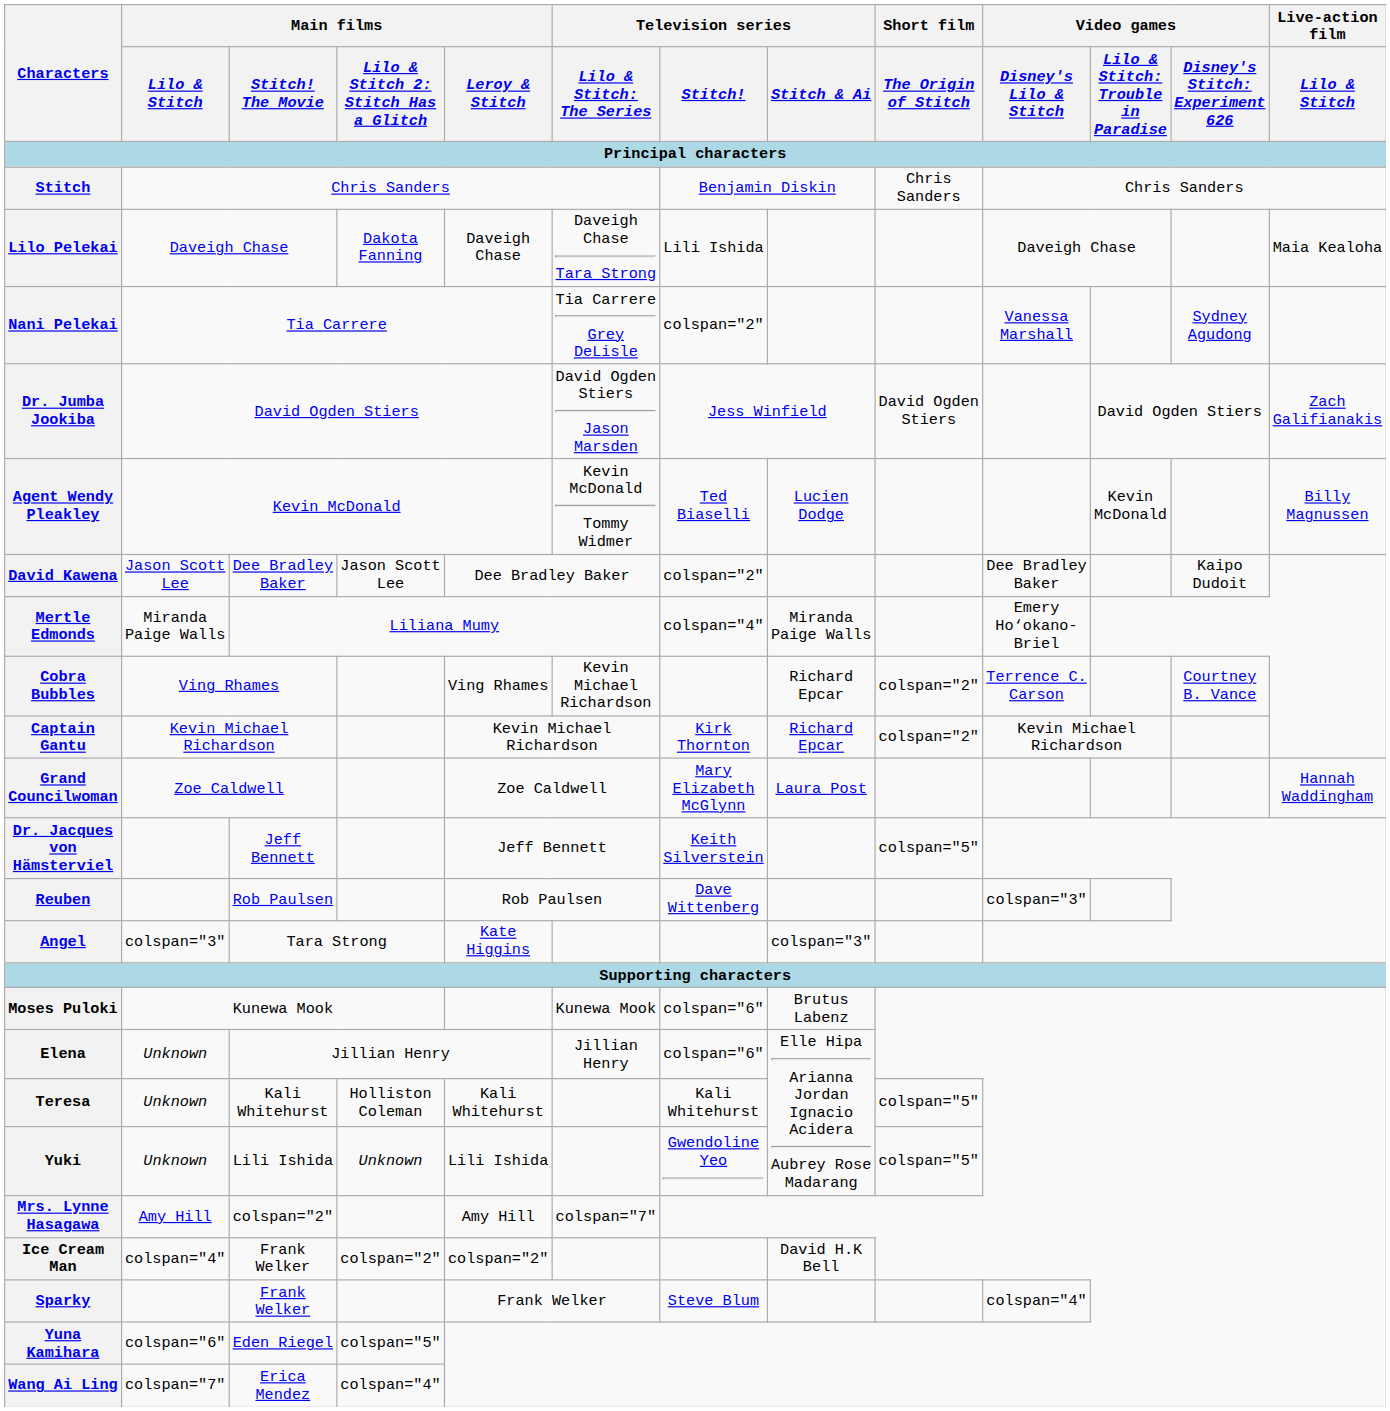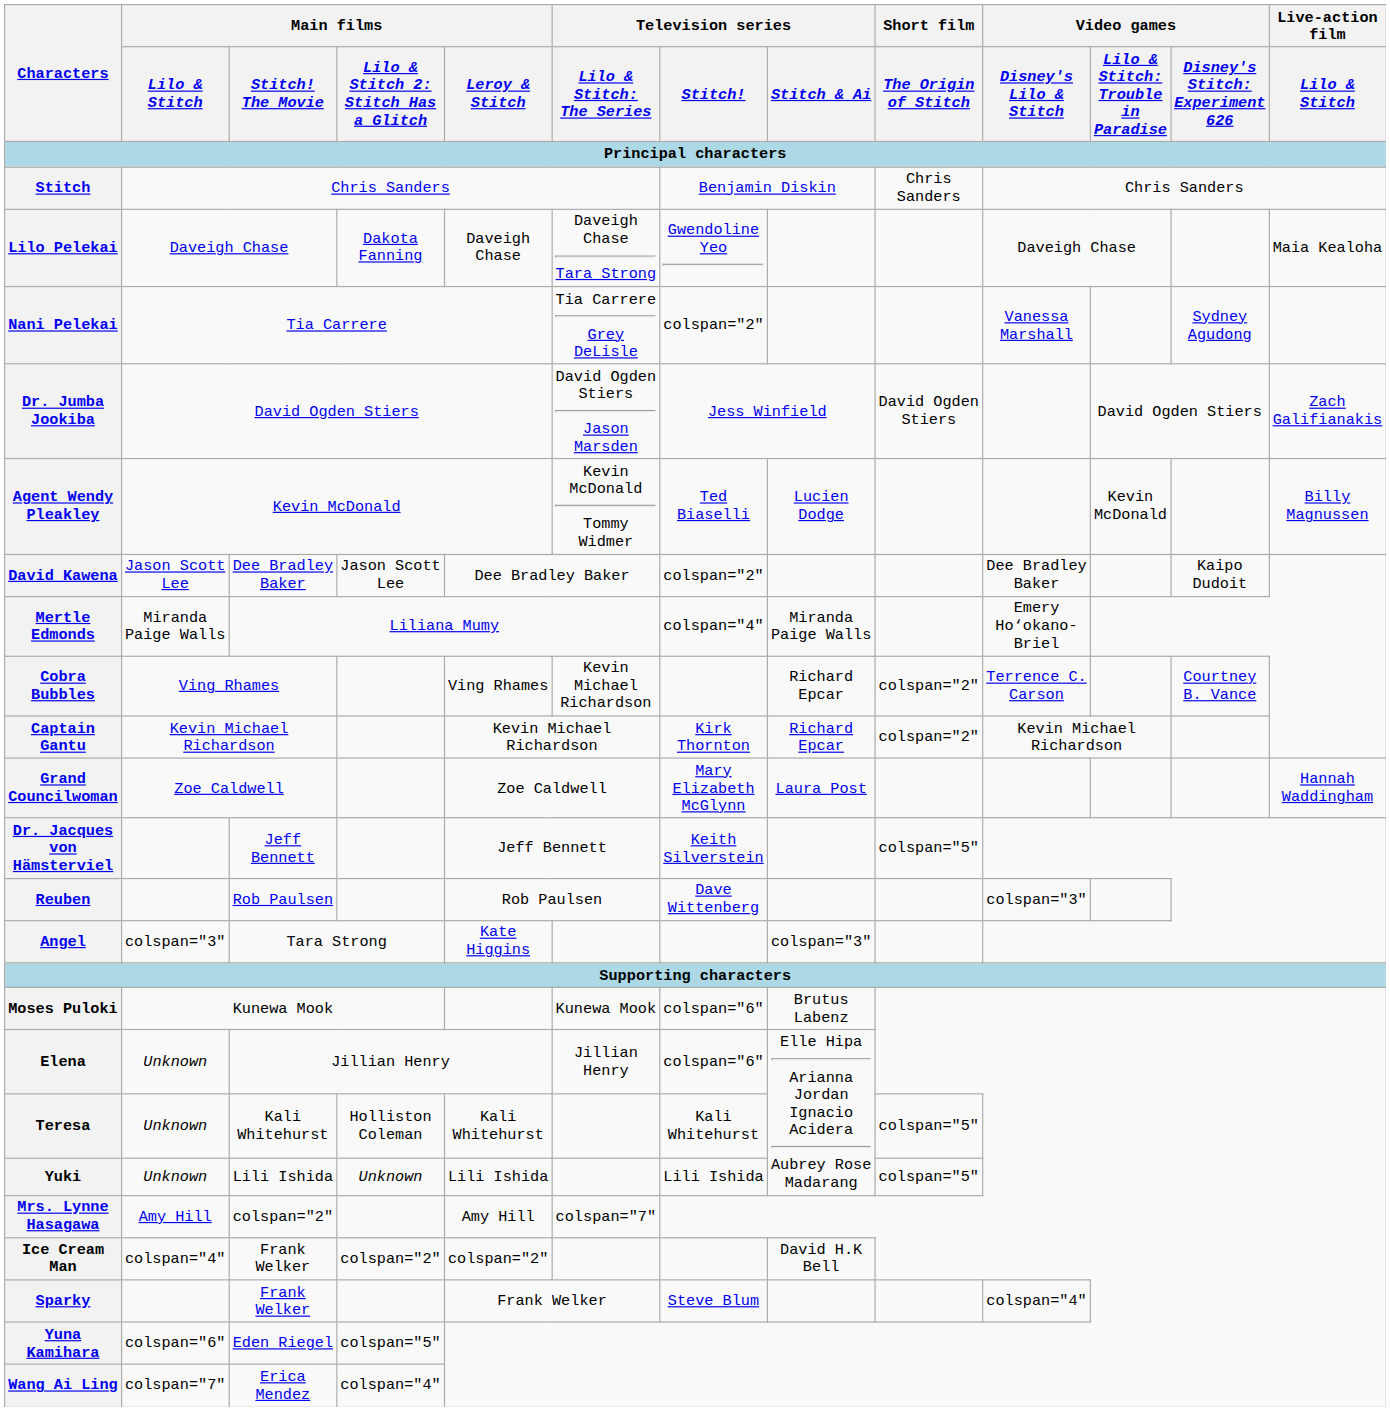 <table class="wikitable" style="text-align:center; width:100%">
 <tr>
 <th rowspan="2" style="width:13%;"><a href='#'>Characters</a></th>
 <th colspan="4">Main films</th>
 <th colspan="3">Television series</th>
 <th>Short film</th>
 <th colspan="3">Video games</th>
 <th>Live-action film</th>
 </tr>
 <tr>
 <th><em><a href='#'>Lilo & Stitch</a></em></th>
 <th><em><a href='#'>Stitch!<br>The Movie</a></em></th>
 <th><em><a href='#'>Lilo & Stitch 2: Stitch Has a Glitch</a></em></th>
 <th><em><a href='#'>Leroy & Stitch</a></em></th>
 <th><em><a href='#'>Lilo & Stitch:<br>The Series</a></em></th>
 <th><em><a href='#'>Stitch!</a></em></th>
 <th><em><a href='#'>Stitch & Ai</a></em></th>
 <th><em><a href='#'>The Origin of Stitch</a></em></th>
 <th><em><a href='#'>Disney's Lilo & Stitch</a></em></th>
 <th><em><a href='#'>Lilo & Stitch: Trouble in Paradise</a></em></th>
 <th><em><a href='#'>Disney's Stitch: Experiment 626</a></em></th>
 <th><em><a href='#'>Lilo & Stitch</a></em></th>
 </tr>
 <tr>
 <th colspan="13" style="background-color:lightblue;">Principal characters</th>
 </tr>
 <tr>
 <th><a href='#'>Stitch<br></a></th>
 <td colspan="5"><a href='#'>Chris Sanders</a></td>
 <td colspan="2"><a href='#'>Benjamin Diskin</a></td>
 <td>Chris Sanders</td>
 <td colspan="4">Chris Sanders</td>
 </tr>
 <tr>
 <th><a href='#'>Lilo Pelekai</a></th>
 <td colspan="2"><a href='#'>Daveigh Chase</a></td>
 <td><a href='#'>Dakota Fanning</a></td>
 <td>Daveigh Chase</td>
 <td>Daveigh Chase<hr><a href='#'>Tara Strong</a></td>
-<td>Lili Ishida</td>
+<td><a href='#'>Gwendoline Yeo</a><hr></td>
 <td></td>
 <td></td>
 <td colspan="2">Daveigh Chase</td>
 <td></td>
 <td>Maia Kealoha</td>
 </tr>
 <tr>
 <th><a href='#'>Nani Pelekai</a></th>
 <td colspan="4"><a href='#'>Tia Carrere</a></td>
 <td>Tia Carrere<hr><a href='#'>Grey DeLisle</a></td>
 <td>colspan="2" </td>
 <td></td>
 <td></td>
 <td><a href='#'>Vanessa Marshall</a></td>
 <td></td>
 <td><a href='#'>Sydney Agudong</a></td>
 </tr>
 <tr>
 <th><a href='#'>Dr. Jumba Jookiba</a></th>
 <td colspan="4"><a href='#'>David Ogden Stiers</a></td>
 <td>David Ogden Stiers<hr><a href='#'>Jason Marsden</a></td>
 <td colspan="2"><a href='#'>Jess Winfield</a></td>
 <td>David Ogden Stiers</td>
 <td></td>
 <td colspan="2">David Ogden Stiers</td>
 <td><a href='#'>Zach Galifianakis</a></td>
 </tr>
 <tr>
 <th><a href='#'>Agent Wendy Pleakley</a></th>
 <td colspan="4"><a href='#'>Kevin McDonald</a></td>
 <td>Kevin McDonald<hr>Tommy Widmer</td>
 <td><a href='#'>Ted Biaselli</a></td>
 <td><a href='#'>Lucien Dodge</a></td>
 <td></td>
 <td></td>
 <td>Kevin McDonald</td>
 <td></td>
 <td><a href='#'>Billy Magnussen</a></td>
 </tr>
 <tr>
 <th><a href='#'>David Kawena</a></th>
 <td><a href='#'>Jason Scott Lee</a></td>
 <td><a href='#'>Dee Bradley Baker</a></td>
 <td>Jason Scott Lee</td>
 <td colspan="2">Dee Bradley Baker</td>
 <td>colspan="2" </td>
 <td></td>
 <td></td>
 <td>Dee Bradley Baker</td>
 <td></td>
 <td>Kaipo Dudoit</td>
 </tr>
 <tr>
 <th><a href='#'>Mertle Edmonds</a></th>
 <td>Miranda Paige Walls</td>
 <td colspan="4"><a href='#'>Liliana Mumy</a></td>
 <td>colspan="4" </td>
 <td>Miranda Paige Walls</td>
 <td></td>
 <td>Emery Ho‘okano-Briel</td>
 </tr>
 <tr>
 <th><a href='#'>Cobra Bubbles</a></th>
 <td colspan="2"><a href='#'>Ving Rhames</a></td>
 <td></td>
 <td>Ving Rhames</td>
 <td>Kevin Michael Richardson</td>
 <td></td>
 <td>Richard Epcar</td>
 <td>colspan="2" </td>
 <td><a href='#'>Terrence C. Carson</a></td>
 <td></td>
 <td><a href='#'>Courtney B. Vance</a></td>
 </tr>
 <tr>
 <th><a href='#'>Captain Gantu</a></th>
 <td colspan="2"><a href='#'>Kevin Michael Richardson</a></td>
 <td></td>
 <td colspan="2">Kevin Michael Richardson</td>
 <td><a href='#'>Kirk Thornton</a></td>
 <td><a href='#'>Richard Epcar</a></td>
 <td>colspan="2" </td>
 <td colspan="2">Kevin Michael Richardson</td>
 <td></td>
 </tr>
 <tr>
 <th><a href='#'>Grand Councilwoman</a></th>
 <td colspan="2"><a href='#'>Zoe Caldwell</a></td>
 <td></td>
 <td colspan="2">Zoe Caldwell</td>
 <td><a href='#'>Mary Elizabeth McGlynn</a></td>
 <td><a href='#'>Laura Post</a></td>
 <td></td>
 <td></td>
 <td></td>
 <td></td>
 <td><a href='#'>Hannah Waddingham</a></td>
 </tr>
 <tr>
 <th><a href='#'>Dr. Jacques von Hämsterviel</a></th>
 <td></td>
 <td><a href='#'>Jeff Bennett</a></td>
 <td></td>
 <td colspan="2">Jeff Bennett</td>
 <td><a href='#'>Keith Silverstein</a></td>
 <td></td>
 <td>colspan="5" </td>
 </tr>
 <tr>
 <th><a href='#'>Reuben<br></a></th>
 <td></td>
 <td><a href='#'>Rob Paulsen</a></td>
 <td></td>
 <td colspan="2">Rob Paulsen</td>
 <td><a href='#'>Dave Wittenberg</a></td>
 <td></td>
 <td></td>
 <td>colspan="3" </td>
 <td></td>
 </tr>
 <tr>
 <th><a href='#'>Angel<br></a></th>
 <td>colspan="3" </td>
 <td colspan="2">Tara Strong</td>
 <td><a href='#'>Kate Higgins</a></td>
 <td></td>
 <td></td>
 <td>colspan="3" </td>
 <td></td>
 </tr>
 <tr>
 <th colspan="13" style="background-color:lightblue;">Supporting characters</th>
 </tr>
 <tr>
 <th>Moses Puloki<br></th>
 <td colspan="3">Kunewa Mook</td>
 <td></td>
 <td>Kunewa Mook</td>
 <td>colspan="6" </td>
 <td>Brutus Labenz</td>
 </tr>
 <tr>
 <th>Elena</th>
 <td><em>Unknown</em></td>
 <td colspan="3">Jillian Henry</td>
 <td>Jillian Henry</td>
 <td>colspan="6" </td>
 <td rowspan="3">Elle Hipa <hr> Arianna Jordan Ignacio Acidera <hr> Aubrey Rose Madarang</td>
 </tr>
 <tr>
 <th>Teresa</th>
 <td><em>Unknown</em></td>
 <td>Kali Whitehurst</td>
 <td>Holliston Coleman</td>
 <td>Kali Whitehurst</td>
 <td></td>
 <td>Kali Whitehurst</td>
 <td>colspan="5" </td>
 </tr>
 <tr>
 <th>Yuki</th>
 <td><em>Unknown</em></td>
 <td>Lili Ishida</td>
 <td><em>Unknown</em></td>
 <td>Lili Ishida</td>
 <td></td>
-<td><a href='#'>Gwendoline Yeo</a><hr></td>
+<td>Lili Ishida</td>
 <td>colspan="5" </td>
 </tr>
 <tr>
 <th><a href='#'>Mrs. Lynne Hasagawa</a></th>
 <td><a href='#'>Amy Hill</a></td>
 <td>colspan="2" </td>
 <td></td>
 <td>Amy Hill</td>
 <td>colspan="7" </td>
 </tr>
 <tr>
 <th>Ice Cream Man</th>
 <td>colspan="4" </td>
 <td>Frank Welker</td>
 <td>colspan="2" </td>
 <td>colspan="2" </td>
 <td></td>
 <td></td>
 <td>David H.K Bell</td>
 </tr>
 <tr>
 <th><a href='#'>Sparky<br></a></th>
 <td></td>
 <td><a href='#'>Frank Welker</a></td>
 <td></td>
 <td colspan="2">Frank Welker</td>
 <td><a href='#'>Steve Blum</a></td>
 <td></td>
 <td></td>
 <td>colspan="4" </td>
 </tr>
 <tr>
 <th><a href='#'>Yuna Kamihara</a></th>
 <td>colspan="6" </td>
 <td><a href='#'>Eden Riegel</a></td>
 <td>colspan="5" </td>
 </tr>
 <tr>
 <th><a href='#'>Wang Ai Ling</a></th>
 <td>colspan="7" </td>
 <td><a href='#'>Erica Mendez</a></td>
 <td>colspan="4" </td>
 </tr>
 </table>
